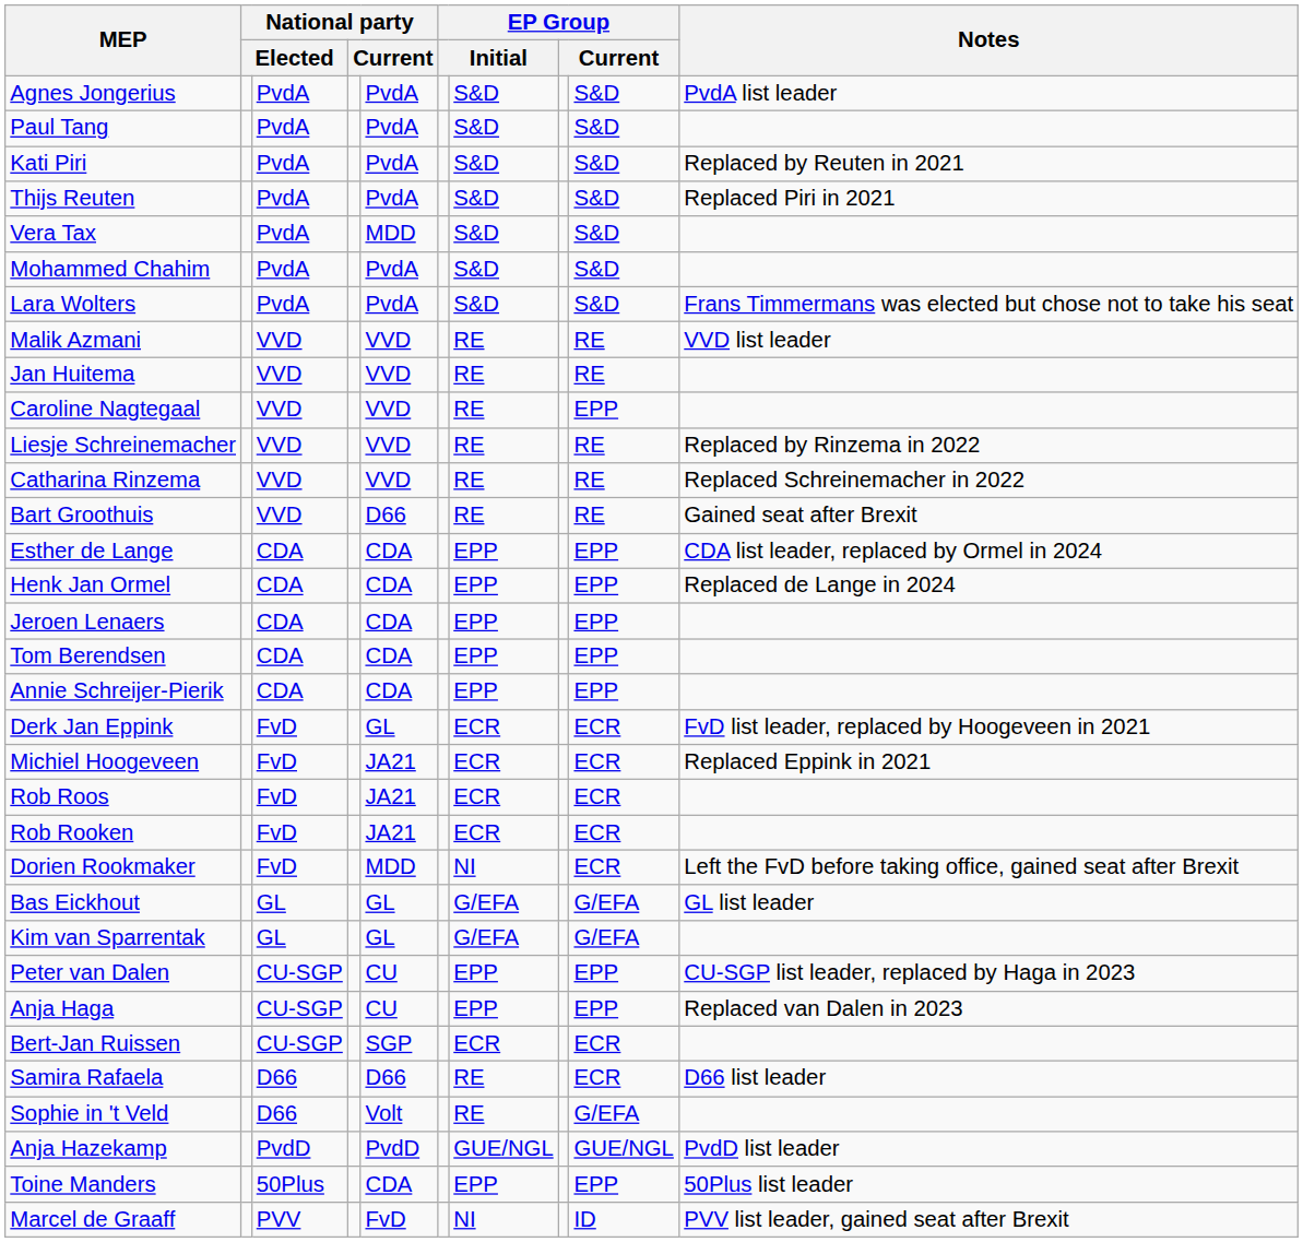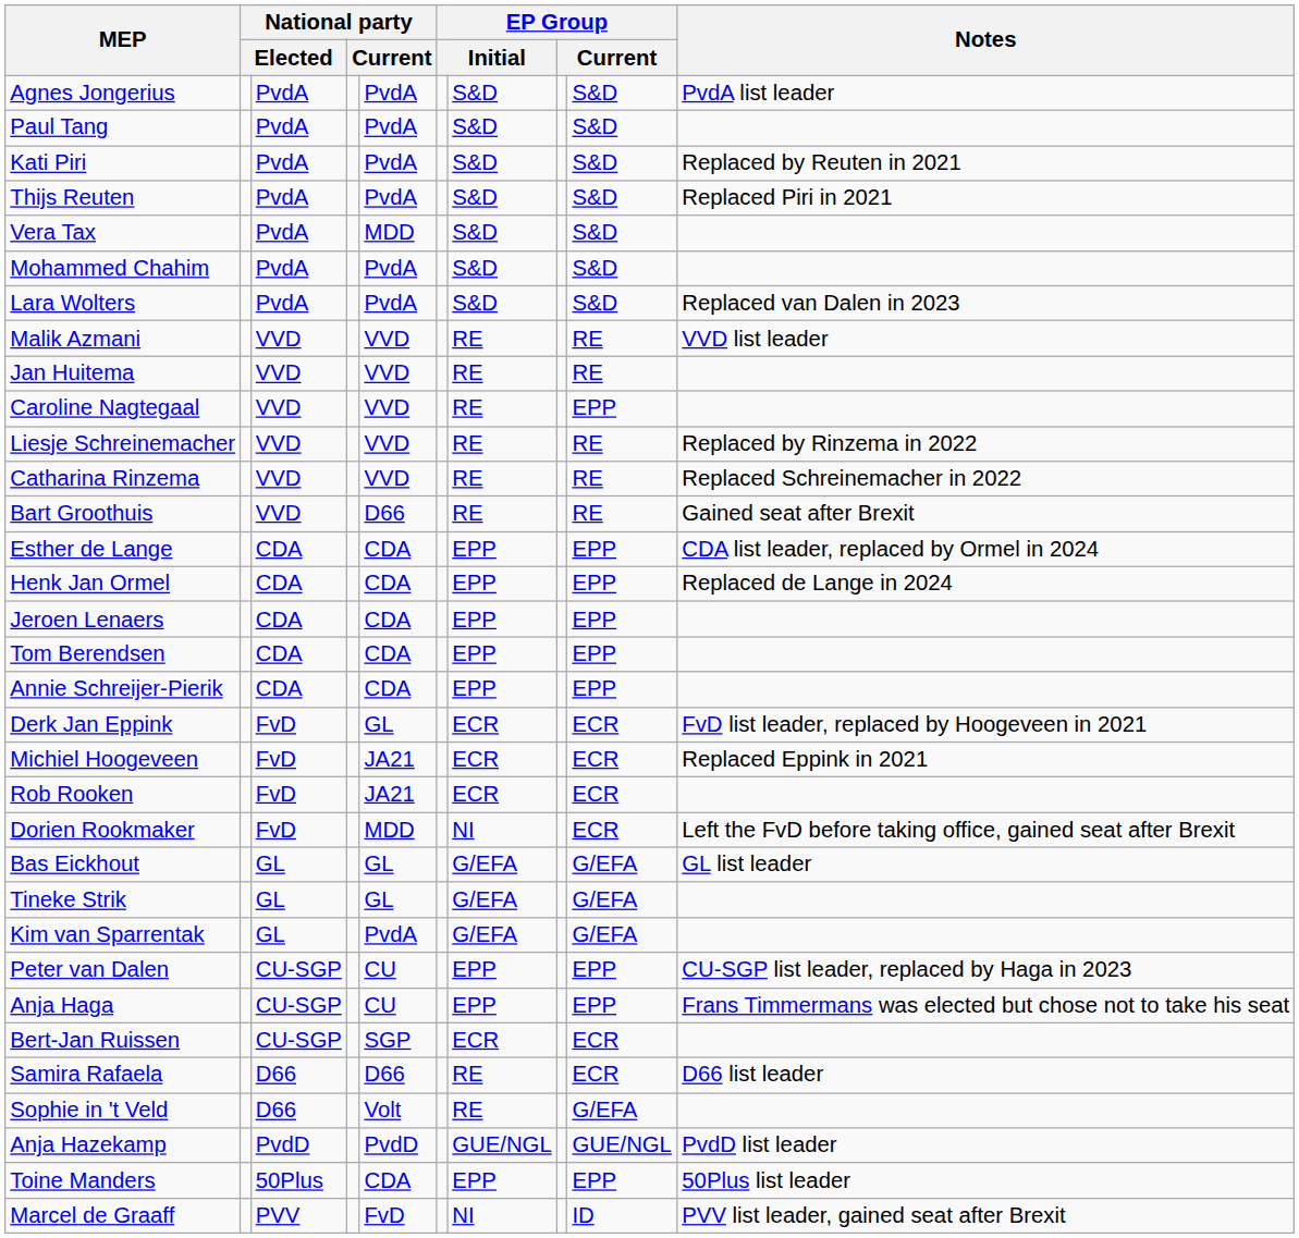 <table class="wikitable sortable" style="text-align:left">
 <tr>
 <th rowspan="2">MEP</th>
 <th colspan="4">National party</th>
 <th colspan="4"><a href='#'>EP Group</a></th>
 <th rowspan="2">Notes</th>
 </tr>
 <tr>
 <th colspan="2">Elected</th>
 <th colspan="2">Current</th>
 <th colspan="2">Initial</th>
 <th colspan="2">Current</th>
 </tr>
 <tr>
 <td><a href='#'>Agnes Jongerius</a></td>
 <td style="background: "></td>
 <td><a href='#'>PvdA</a></td>
 <td style="background: "></td>
 <td><a href='#'>PvdA</a></td>
 <td style="background: "></td>
 <td><a href='#'>S&D</a></td>
 <td style="background: "></td>
 <td><a href='#'>S&D</a></td>
 <td><a href='#'>PvdA</a> list leader</td>
 </tr>
 <tr>
 <td><a href='#'>Paul Tang</a></td>
 <td style="background: "></td>
 <td><a href='#'>PvdA</a></td>
 <td style="background: "></td>
 <td><a href='#'>PvdA</a></td>
 <td style="background: "></td>
 <td><a href='#'>S&D</a></td>
 <td style="background: "></td>
 <td><a href='#'>S&D</a></td>
 <td></td>
 </tr>
 <tr>
 <td><a href='#'>Kati Piri</a></td>
 <td style="background: "></td>
 <td><a href='#'>PvdA</a></td>
 <td style="background: "></td>
 <td><a href='#'>PvdA</a></td>
 <td style="background: "></td>
 <td><a href='#'>S&D</a></td>
 <td style="background: "></td>
 <td><a href='#'>S&D</a></td>
 <td>Replaced by Reuten in 2021</td>
 </tr>
 <tr>
 <td><a href='#'>Thijs Reuten</a></td>
 <td style="background: "></td>
 <td><a href='#'>PvdA</a></td>
 <td style="background: "></td>
 <td><a href='#'>PvdA</a></td>
 <td style="background: "></td>
 <td><a href='#'>S&D</a></td>
 <td style="background: "></td>
 <td><a href='#'>S&D</a></td>
 <td>Replaced Piri in 2021</td>
 </tr>
 <tr>
 <td><a href='#'>Vera Tax</a></td>
 <td style="background: "></td>
 <td><a href='#'>PvdA</a></td>
 <td style="background: "></td>
 <td><a href='#'>MDD</a></td>
 <td style="background: "></td>
 <td><a href='#'>S&D</a></td>
 <td style="background: "></td>
 <td><a href='#'>S&D</a></td>
 <td></td>
 </tr>
 <tr>
 <td><a href='#'>Mohammed Chahim</a></td>
 <td style="background: "></td>
 <td><a href='#'>PvdA</a></td>
 <td style="background: "></td>
 <td><a href='#'>PvdA</a></td>
 <td style="background: "></td>
 <td><a href='#'>S&D</a></td>
 <td style="background: "></td>
 <td><a href='#'>S&D</a></td>
 <td></td>
 </tr>
 <tr>
 <td><a href='#'>Lara Wolters</a></td>
 <td style="background: "></td>
 <td><a href='#'>PvdA</a></td>
 <td style="background: "></td>
 <td><a href='#'>PvdA</a></td>
 <td style="background: "></td>
 <td><a href='#'>S&D</a></td>
 <td style="background: "></td>
 <td><a href='#'>S&D</a></td>
-<td><a href='#'>Frans Timmermans</a> was elected but chose not to take his seat</td>
+<td>Replaced van Dalen in 2023</td>
 </tr>
 <tr>
 <td><a href='#'>Malik Azmani</a></td>
 <td style="background: "></td>
 <td><a href='#'>VVD</a></td>
 <td style="background: "></td>
 <td><a href='#'>VVD</a></td>
 <td style="background: "></td>
 <td><a href='#'>RE</a></td>
 <td style="background: "></td>
 <td><a href='#'>RE</a></td>
 <td><a href='#'>VVD</a> list leader</td>
 </tr>
 <tr>
 <td><a href='#'>Jan Huitema</a></td>
 <td style="background: "></td>
 <td><a href='#'>VVD</a></td>
 <td style="background: "></td>
 <td><a href='#'>VVD</a></td>
 <td style="background: "></td>
 <td><a href='#'>RE</a></td>
 <td style="background: "></td>
 <td><a href='#'>RE</a></td>
 <td></td>
 </tr>
 <tr>
 <td><a href='#'>Caroline Nagtegaal</a></td>
 <td style="background: "></td>
 <td><a href='#'>VVD</a></td>
 <td style="background: "></td>
 <td><a href='#'>VVD</a></td>
 <td style="background: "></td>
 <td><a href='#'>RE</a></td>
 <td style="background: "></td>
 <td><a href='#'>EPP</a></td>
 <td></td>
 </tr>
 <tr>
 <td><a href='#'>Liesje Schreinemacher</a></td>
 <td style="background: "></td>
 <td><a href='#'>VVD</a></td>
 <td style="background: "></td>
 <td><a href='#'>VVD</a></td>
 <td style="background: "></td>
 <td><a href='#'>RE</a></td>
 <td style="background: "></td>
 <td><a href='#'>RE</a></td>
 <td>Replaced by Rinzema in 2022</td>
 </tr>
 <tr>
 <td><a href='#'>Catharina Rinzema</a></td>
 <td style="background: "></td>
 <td><a href='#'>VVD</a></td>
 <td style="background: "></td>
 <td><a href='#'>VVD</a></td>
 <td style="background: "></td>
 <td><a href='#'>RE</a></td>
 <td style="background: "></td>
 <td><a href='#'>RE</a></td>
 <td>Replaced Schreinemacher in 2022</td>
 </tr>
 <tr>
 <td><a href='#'>Bart Groothuis</a></td>
 <td style="background: "></td>
 <td><a href='#'>VVD</a></td>
 <td style="background: "></td>
 <td><a href='#'>D66</a></td>
 <td style="background: "></td>
 <td><a href='#'>RE</a></td>
 <td style="background: "></td>
 <td><a href='#'>RE</a></td>
 <td>Gained seat after Brexit</td>
 </tr>
 <tr>
 <td><a href='#'>Esther de Lange</a></td>
 <td style="background: "></td>
 <td><a href='#'>CDA</a></td>
 <td style="background: "></td>
 <td><a href='#'>CDA</a></td>
 <td style="background: "></td>
 <td><a href='#'>EPP</a></td>
 <td style="background: "></td>
 <td><a href='#'>EPP</a></td>
 <td><a href='#'>CDA</a> list leader, replaced by Ormel in 2024</td>
 </tr>
 <tr>
 <td><a href='#'>Henk Jan Ormel</a></td>
 <td style="background: "></td>
 <td><a href='#'>CDA</a></td>
 <td style="background: "></td>
 <td><a href='#'>CDA</a></td>
 <td style="background: "></td>
 <td><a href='#'>EPP</a></td>
 <td style="background: "></td>
 <td><a href='#'>EPP</a></td>
 <td>Replaced de Lange in 2024</td>
 </tr>
 <tr>
 <td><a href='#'>Jeroen Lenaers</a></td>
 <td style="background: "></td>
 <td><a href='#'>CDA</a></td>
 <td style="background: "></td>
 <td><a href='#'>CDA</a></td>
 <td style="background: "></td>
 <td><a href='#'>EPP</a></td>
 <td style="background: "></td>
 <td><a href='#'>EPP</a></td>
 <td></td>
 </tr>
 <tr>
 <td><a href='#'>Tom Berendsen</a></td>
 <td style="background: "></td>
 <td><a href='#'>CDA</a></td>
 <td style="background: "></td>
 <td><a href='#'>CDA</a></td>
 <td style="background: "></td>
 <td><a href='#'>EPP</a></td>
 <td style="background: "></td>
 <td><a href='#'>EPP</a></td>
 <td></td>
 </tr>
 <tr>
 <td><a href='#'>Annie Schreijer-Pierik</a></td>
 <td style="background: "></td>
 <td><a href='#'>CDA</a></td>
 <td style="background: "></td>
 <td><a href='#'>CDA</a></td>
 <td style="background: "></td>
 <td><a href='#'>EPP</a></td>
 <td style="background: "></td>
 <td><a href='#'>EPP</a></td>
 <td></td>
 </tr>
 <tr>
 <td><a href='#'>Derk Jan Eppink</a></td>
 <td style="background: "></td>
 <td><a href='#'>FvD</a></td>
 <td style="background: "></td>
 <td><a href='#'>GL</a></td>
 <td style="background: "></td>
 <td><a href='#'>ECR</a></td>
 <td style="background: "></td>
 <td><a href='#'>ECR</a></td>
 <td><a href='#'>FvD</a> list leader, replaced by Hoogeveen in 2021</td>
 </tr>
 <tr>
 <td><a href='#'>Michiel Hoogeveen</a></td>
 <td style="background: "></td>
 <td><a href='#'>FvD</a></td>
 <td style="background: "></td>
 <td><a href='#'>JA21</a></td>
 <td style="background: "></td>
 <td><a href='#'>ECR</a></td>
 <td style="background: "></td>
 <td><a href='#'>ECR</a></td>
 <td>Replaced Eppink in 2021</td>
 </tr>
 <tr>
-<td><a href='#'>Rob Roos</a></td>
-<td style="background: "></td>
-<td><a href='#'>FvD</a></td>
-<td style="background: "></td>
-<td><a href='#'>JA21</a></td>
-<td style="background: "></td>
-<td><a href='#'>ECR</a></td>
-<td style="background: "></td>
-<td><a href='#'>ECR</a></td>
-<td></td>
-</tr>
-<tr>
 <td><a href='#'>Rob Rooken</a></td>
 <td style="background: "></td>
 <td><a href='#'>FvD</a></td>
 <td style="background: "></td>
 <td><a href='#'>JA21</a></td>
 <td style="background: "></td>
 <td><a href='#'>ECR</a></td>
 <td style="background: "></td>
 <td><a href='#'>ECR</a></td>
 <td></td>
 </tr>
 <tr>
 <td><a href='#'>Dorien Rookmaker</a></td>
 <td style="background: "></td>
 <td><a href='#'>FvD</a></td>
 <td style="background: "></td>
 <td><a href='#'>MDD</a></td>
 <td style="background: "></td>
 <td><a href='#'>NI</a></td>
 <td style="background: "></td>
 <td><a href='#'>ECR</a></td>
 <td>Left the FvD before taking office, gained seat after Brexit</td>
 </tr>
 <tr>
 <td><a href='#'>Bas Eickhout</a></td>
 <td style="background: "></td>
 <td><a href='#'>GL</a></td>
 <td style="background: "></td>
 <td><a href='#'>GL</a></td>
 <td style="background: "></td>
 <td><a href='#'>G/EFA</a></td>
 <td style="background: "></td>
 <td><a href='#'>G/EFA</a></td>
 <td><a href='#'>GL</a> list leader</td>
 </tr>
 <tr>
+<td><a href='#'>Tineke Strik</a></td>
+<td style="background: "></td>
+<td><a href='#'>GL</a></td>
+<td style="background: "></td>
+<td><a href='#'>GL</a></td>
+<td style="background: "></td>
+<td><a href='#'>G/EFA</a></td>
+<td style="background: "></td>
+<td><a href='#'>G/EFA</a></td>
+<td></td>
+</tr>
+<tr>
 <td><a href='#'>Kim van Sparrentak</a></td>
 <td style="background: "></td>
 <td><a href='#'>GL</a></td>
 <td style="background: "></td>
-<td><a href='#'>GL</a></td>
+<td><a href='#'>PvdA</a></td>
 <td style="background: "></td>
 <td><a href='#'>G/EFA</a></td>
 <td style="background: "></td>
 <td><a href='#'>G/EFA</a></td>
 <td></td>
 </tr>
 <tr>
 <td><a href='#'>Peter van Dalen</a></td>
 <td style="background: "></td>
 <td><a href='#'>CU-SGP</a></td>
 <td style="background: "></td>
 <td><a href='#'>CU</a></td>
 <td style="background: "></td>
 <td><a href='#'>EPP</a></td>
 <td style="background: "></td>
 <td><a href='#'>EPP</a></td>
 <td><a href='#'>CU-SGP</a> list leader, replaced by Haga in 2023</td>
 </tr>
 <tr>
 <td><a href='#'>Anja Haga</a></td>
 <td style="background: "></td>
 <td><a href='#'>CU-SGP</a></td>
 <td style="background: "></td>
 <td><a href='#'>CU</a></td>
 <td style="background: "></td>
 <td><a href='#'>EPP</a></td>
 <td style="background: "></td>
 <td><a href='#'>EPP</a></td>
-<td>Replaced van Dalen in 2023</td>
+<td><a href='#'>Frans Timmermans</a> was elected but chose not to take his seat</td>
 </tr>
 <tr>
 <td><a href='#'>Bert-Jan Ruissen</a></td>
 <td style="background: "></td>
 <td><a href='#'>CU-SGP</a></td>
 <td style="background: "></td>
 <td><a href='#'>SGP</a></td>
 <td style="background: "></td>
 <td><a href='#'>ECR</a></td>
 <td style="background: "></td>
 <td><a href='#'>ECR</a></td>
 <td></td>
 </tr>
 <tr>
 <td><a href='#'>Samira Rafaela</a></td>
 <td style="background: "></td>
 <td><a href='#'>D66</a></td>
 <td style="background: "></td>
 <td><a href='#'>D66</a></td>
 <td style="background: "></td>
 <td><a href='#'>RE</a></td>
 <td style="background: "></td>
 <td><a href='#'>ECR</a></td>
 <td><a href='#'>D66</a> list leader</td>
 </tr>
 <tr>
 <td><a href='#'>Sophie in 't Veld</a></td>
 <td style="background: "></td>
 <td><a href='#'>D66</a></td>
 <td style="background: "></td>
 <td><a href='#'>Volt</a></td>
 <td style="background: "></td>
 <td><a href='#'>RE</a></td>
 <td style="background: "></td>
 <td><a href='#'>G/EFA</a></td>
 <td></td>
 </tr>
 <tr>
 <td><a href='#'>Anja Hazekamp</a></td>
 <td style="background: "></td>
 <td><a href='#'>PvdD</a></td>
 <td style="background: "></td>
 <td><a href='#'>PvdD</a></td>
 <td style="background: "></td>
 <td><a href='#'>GUE/NGL</a></td>
 <td style="background: "></td>
 <td><a href='#'>GUE/NGL</a></td>
 <td><a href='#'>PvdD</a> list leader</td>
 </tr>
 <tr>
 <td><a href='#'>Toine Manders</a></td>
 <td style="background: "></td>
 <td><a href='#'>50Plus</a></td>
 <td style="background: "></td>
 <td><a href='#'>CDA</a></td>
 <td style="background: "></td>
 <td><a href='#'>EPP</a></td>
 <td style="background: "></td>
 <td><a href='#'>EPP</a></td>
 <td><a href='#'>50Plus</a> list leader</td>
 </tr>
 <tr>
 <td><a href='#'>Marcel de Graaff</a></td>
 <td style="background: "></td>
 <td><a href='#'>PVV</a></td>
 <td style="background: "></td>
 <td><a href='#'>FvD</a></td>
 <td style="background: "></td>
 <td><a href='#'>NI</a></td>
 <td style="background: "></td>
 <td><a href='#'>ID</a></td>
 <td><a href='#'>PVV</a> list leader, gained seat after Brexit</td>
 </tr>
 </table>
